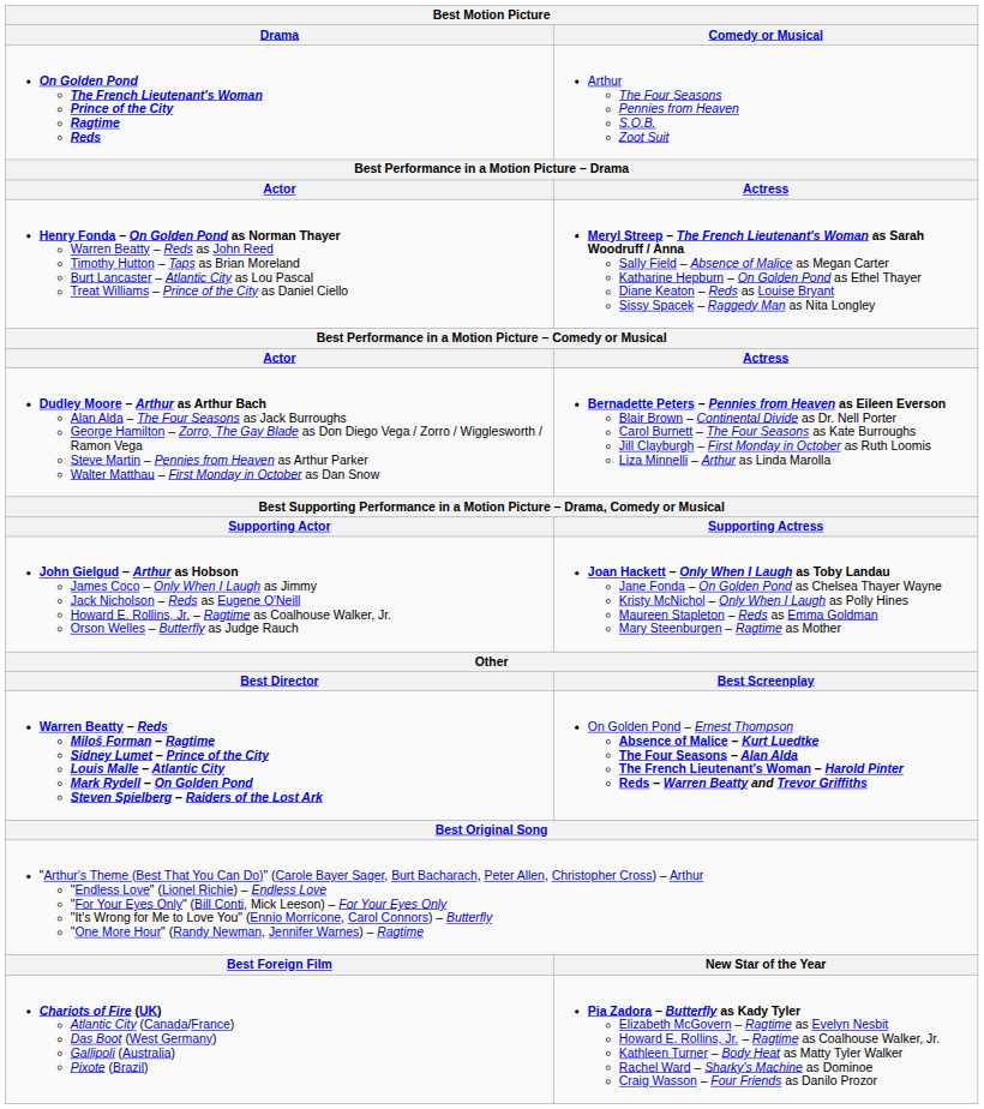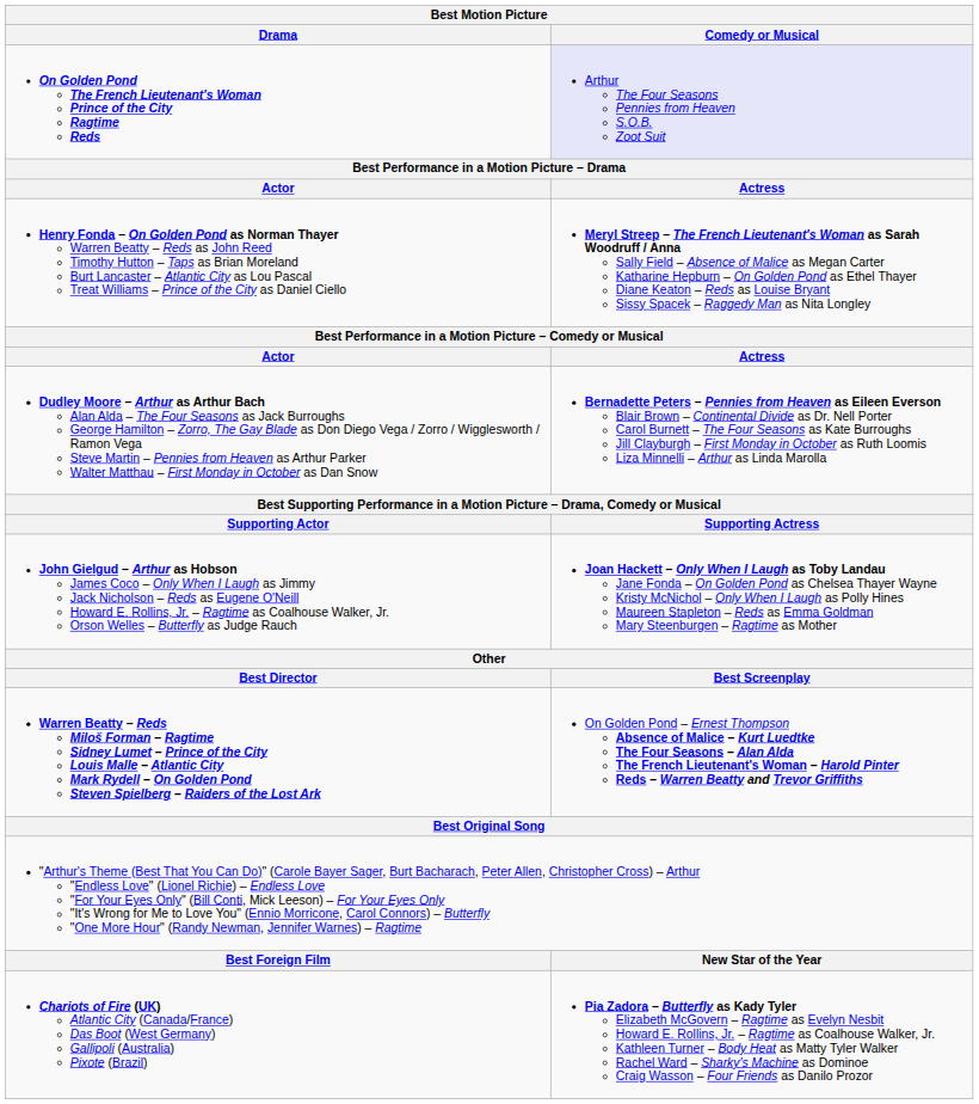 <table class="wikitable" style="width=100%">
 <tr>
 <th colspan="2">Best Motion Picture</th>
 </tr>
 <tr>
 <th style="width=50%"><a href='#'>Drama</a></th>
 <th style="width=50%"><a href='#'>Comedy or Musical</a></th>
 </tr>
 <tr>
 <td valign="top"><br><ul><li><strong> <em><a href='#'>On Golden Pond</a><strong><em><ul><li></em><a href='#'>The French Lieutenant's Woman</a><em></li><li></em><a href='#'>Prince of the City</a><em></li><li></em><a href='#'>Ragtime</a><em></li><li></em><a href='#'>Reds</a><em></li></ul></li></ul></td>
-<td valign="top"><br><ul><li></strong> </em><a href='#'>Arthur</a></em></strong><ul><li><em><a href='#'>The Four Seasons</a></em></li><li><em><a href='#'>Pennies from Heaven</a></em></li><li><em><a href='#'>S.O.B.</a></em></li><li><em><a href='#'>Zoot Suit</a></em></li></ul></li></ul></td>
+<td valign="top" style="background: lavender;"><br><ul><li></strong> </em><a href='#'>Arthur</a></em></strong><ul><li><em><a href='#'>The Four Seasons</a></em></li><li><em><a href='#'>Pennies from Heaven</a></em></li><li><em><a href='#'>S.O.B.</a></em></li><li><em><a href='#'>Zoot Suit</a></em></li></ul></li></ul></td>
 </tr>
 <tr>
 <th colspan="2">Best Performance in a Motion Picture – Drama</th>
 </tr>
 <tr>
 <th><a href='#'>Actor</a></th>
 <th><a href='#'>Actress</a></th>
 </tr>
 <tr>
 <td valign="top"><br><ul><li><strong> <a href='#'>Henry Fonda</a> – <em><a href='#'>On Golden Pond</a></em> as Norman Thayer</strong><ul><li><a href='#'>Warren Beatty</a> – <em><a href='#'>Reds</a></em> as <a href='#'>John Reed</a></li><li><a href='#'>Timothy Hutton</a> – <em><a href='#'>Taps</a></em> as Brian Moreland</li><li><a href='#'>Burt Lancaster</a> – <em><a href='#'>Atlantic City</a></em> as Lou Pascal</li><li><a href='#'>Treat Williams</a> – <em><a href='#'>Prince of the City</a></em> as Daniel Ciello</li></ul></li></ul></td>
 <td valign="top"><br><ul><li><strong> <a href='#'>Meryl Streep</a> – <em><a href='#'>The French Lieutenant's Woman</a></em> as Sarah Woodruff / Anna</strong><ul><li><a href='#'>Sally Field</a> – <em><a href='#'>Absence of Malice</a></em> as Megan Carter</li><li><a href='#'>Katharine Hepburn</a> – <em><a href='#'>On Golden Pond</a></em> as Ethel Thayer</li><li><a href='#'>Diane Keaton</a> – <em><a href='#'>Reds</a></em> as <a href='#'>Louise Bryant</a></li><li><a href='#'>Sissy Spacek</a> – <em><a href='#'>Raggedy Man</a></em> as Nita Longley</li></ul></li></ul></td>
 </tr>
 <tr>
 <th colspan="2">Best Performance in a Motion Picture – Comedy or Musical</th>
 </tr>
 <tr>
 <th><a href='#'>Actor</a></th>
 <th><a href='#'>Actress</a></th>
 </tr>
 <tr>
 <td valign="top"><br><ul><li><strong> <a href='#'>Dudley Moore</a> – <em><a href='#'>Arthur</a></em> as Arthur Bach</strong><ul><li><a href='#'>Alan Alda</a> – <em><a href='#'>The Four Seasons</a></em> as Jack Burroughs</li><li><a href='#'>George Hamilton</a> – <em><a href='#'>Zorro, The Gay Blade</a></em> as Don Diego Vega / Zorro / Wigglesworth / Ramon Vega</li><li><a href='#'>Steve Martin</a> – <em><a href='#'>Pennies from Heaven</a></em> as Arthur Parker</li><li><a href='#'>Walter Matthau</a> – <em><a href='#'>First Monday in October</a></em> as Dan Snow</li></ul></li></ul></td>
 <td valign="top"><br><ul><li><strong> <a href='#'>Bernadette Peters</a> – <em><a href='#'>Pennies from Heaven</a></em> as Eileen Everson</strong><ul><li><a href='#'>Blair Brown</a> – <em><a href='#'>Continental Divide</a></em> as Dr. Nell Porter</li><li><a href='#'>Carol Burnett</a> – <em><a href='#'>The Four Seasons</a></em> as Kate Burroughs</li><li><a href='#'>Jill Clayburgh</a> – <em><a href='#'>First Monday in October</a></em> as Ruth Loomis</li><li><a href='#'>Liza Minnelli</a> – <em><a href='#'>Arthur</a></em> as Linda Marolla</li></ul></li></ul></td>
 </tr>
 <tr>
 <th colspan="2">Best Supporting Performance in a Motion Picture – Drama, Comedy or Musical</th>
 </tr>
 <tr>
 <th><a href='#'>Supporting Actor</a></th>
 <th><a href='#'>Supporting Actress</a></th>
 </tr>
 <tr>
 <td valign="top"><br><ul><li><strong> <a href='#'>John Gielgud</a> – <em><a href='#'>Arthur</a></em> as Hobson</strong><ul><li><a href='#'>James Coco</a> – <em><a href='#'>Only When I Laugh</a></em> as Jimmy</li><li><a href='#'>Jack Nicholson</a> – <em><a href='#'>Reds</a></em> as <a href='#'>Eugene O'Neill</a></li><li><a href='#'>Howard E. Rollins, Jr.</a> – <em><a href='#'>Ragtime</a></em> as Coalhouse Walker, Jr.</li><li><a href='#'>Orson Welles</a> – <em><a href='#'>Butterfly</a></em> as Judge Rauch</li></ul></li></ul></td>
 <td valign="top"><br><ul><li><strong> <a href='#'>Joan Hackett</a> – <em><a href='#'>Only When I Laugh</a></em> as Toby Landau</strong><ul><li><a href='#'>Jane Fonda</a> – <em><a href='#'>On Golden Pond</a></em> as Chelsea Thayer Wayne</li><li><a href='#'>Kristy McNichol</a> – <em><a href='#'>Only When I Laugh</a></em> as Polly Hines</li><li><a href='#'>Maureen Stapleton</a> – <em><a href='#'>Reds</a></em> as <a href='#'>Emma Goldman</a></li><li><a href='#'>Mary Steenburgen</a> – <em><a href='#'>Ragtime</a></em> as Mother</li></ul></li></ul></td>
 </tr>
 <tr>
 <th colspan=2>Other</th>
 </tr>
 <tr>
 <th><a href='#'>Best Director</a></th>
 <th><a href='#'>Best Screenplay</a></th>
 </tr>
 <tr>
 <td valign="top"><br><ul><li><strong> <a href='#'>Warren Beatty</a> – <em><a href='#'>Reds</a><strong><em><ul><li><a href='#'>Miloš Forman</a> – </em><a href='#'>Ragtime</a><em></li><li><a href='#'>Sidney Lumet</a> – </em><a href='#'>Prince of the City</a><em></li><li><a href='#'>Louis Malle</a> – </em><a href='#'>Atlantic City</a><em></li><li><a href='#'>Mark Rydell</a> – </em><a href='#'>On Golden Pond</a><em></li><li><a href='#'>Steven Spielberg</a> – </em><a href='#'>Raiders of the Lost Ark</a><em></li></ul></li></ul></td>
 <td valign="top"><br><ul><li></strong> </em><a href='#'>On Golden Pond</a><em> – <a href='#'>Ernest Thompson</a><strong><ul><li></em><a href='#'>Absence of Malice</a><em> – <a href='#'>Kurt Luedtke</a></li><li></em><a href='#'>The Four Seasons</a><em> – <a href='#'>Alan Alda</a></li><li></em><a href='#'>The French Lieutenant's Woman</a><em> – <a href='#'>Harold Pinter</a></li><li></em><a href='#'>Reds</a><em> – <a href='#'>Warren Beatty</a> and <a href='#'>Trevor Griffiths</a></li></ul></li></ul></td>
 </tr>
 <tr>
 <th colspan=2><a href='#'>Best Original Song</a></th>
 </tr>
 <tr>
 <td colspan=2 style="vertical-align:top;"><br><ul><li></strong> "<a href='#'>Arthur's Theme (Best That You Can Do)</a>" (<a href='#'>Carole Bayer Sager</a>, <a href='#'>Burt Bacharach</a>, <a href='#'>Peter Allen</a>, <a href='#'>Christopher Cross</a>) – </em><a href='#'>Arthur</a></em></strong><ul><li>"<a href='#'>Endless Love</a>" (<a href='#'>Lionel Richie</a>) – <em><a href='#'>Endless Love</a></em></li><li>"<a href='#'>For Your Eyes Only</a>" (<a href='#'>Bill Conti</a>, Mick Leeson) – <em><a href='#'>For Your Eyes Only</a></em></li><li>"It's Wrong for Me to Love You" (<a href='#'>Ennio Morricone</a>, <a href='#'>Carol Connors</a>) – <em><a href='#'>Butterfly</a></em></li><li>"<a href='#'>One More Hour</a>" (<a href='#'>Randy Newman</a>, <a href='#'>Jennifer Warnes</a>) – <em><a href='#'>Ragtime</a></em></li></ul></li></ul></td>
 </tr>
 <tr>
 <th><a href='#'>Best Foreign Film</a></th>
 <th>New Star of the Year</th>
 </tr>
 <tr>
 <td valign="top"><br><ul><li><strong> <em><a href='#'>Chariots of Fire</a></em> (<a href='#'>UK</a>)</strong><ul><li><em><a href='#'>Atlantic City</a></em> (<a href='#'>Canada</a>/<a href='#'>France</a>)</li><li><em><a href='#'>Das Boot</a></em> (<a href='#'>West Germany</a>)</li><li><em><a href='#'>Gallipoli</a></em> (<a href='#'>Australia</a>)</li><li><em><a href='#'>Pixote</a></em> (<a href='#'>Brazil</a>)</li></ul></li></ul></td>
 <td valign="top"><br><ul><li><strong> <a href='#'>Pia Zadora</a> – <em><a href='#'>Butterfly</a></em> as Kady Tyler</strong><ul><li><a href='#'>Elizabeth McGovern</a> – <em><a href='#'>Ragtime</a></em> as <a href='#'>Evelyn Nesbit</a></li><li><a href='#'>Howard E. Rollins, Jr.</a> – <em><a href='#'>Ragtime</a></em> as Coalhouse Walker, Jr.</li><li><a href='#'>Kathleen Turner</a> – <em><a href='#'>Body Heat</a></em> as Matty Tyler Walker</li><li><a href='#'>Rachel Ward</a> – <em><a href='#'>Sharky's Machine</a></em> as Dominoe</li><li><a href='#'>Craig Wasson</a> – <em><a href='#'>Four Friends</a></em> as Danilo Prozor</li></ul></li></ul></td>
 </tr>
 </table>
